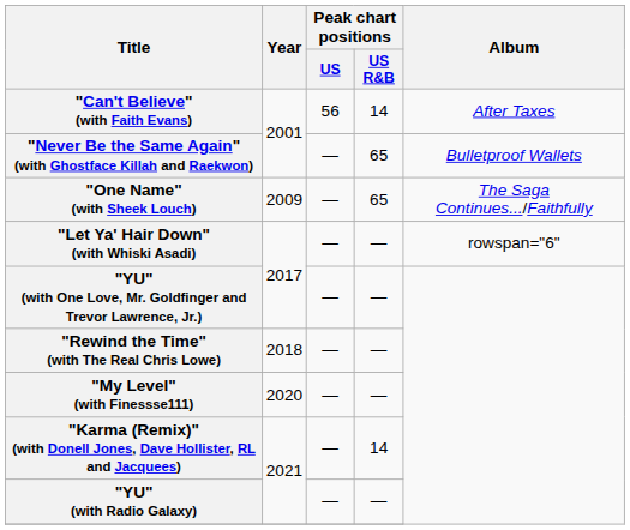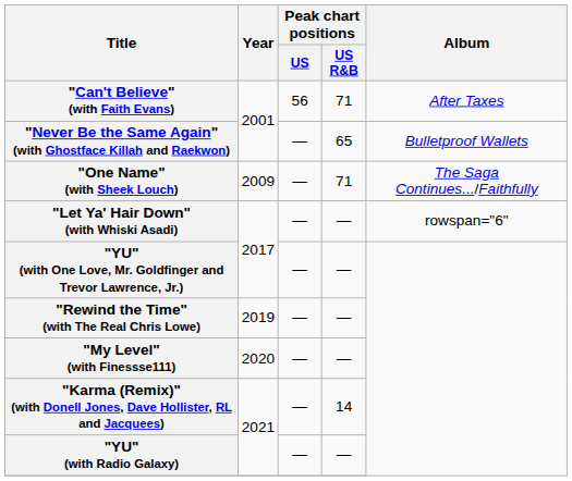 <table class="wikitable plainrowheaders" style="text-align:center;" border="1">
 <tr>
 <th scope="col" rowspan="2" style="width:18em;">Title</th>
 <th scope="col" rowspan="2">Year</th>
 <th scope="col" colspan="2">Peak chart positions</th>
 <th scope="col" rowspan="2" style="width:14em;">Album</th>
 </tr>
 <tr>
 <th scope="col" style="width:3em;font-size:90%;"><a href='#'>US</a><br></th>
 <th scope="col" style="width:3em;font-size:90%;"><a href='#'>US<br>R&B</a><br></th>
 </tr>
 <tr>
 <th scope="row">"<a href='#'>Can't Believe</a>" <br><small>(with <a href='#'>Faith Evans</a>)</small></th>
 <td rowspan="2">2001</td>
 <td>56</td>
-<td>14</td>
+<td>71</td>
 <td style="text-align:center;"><em><a href='#'>After Taxes</a></em></td>
 </tr>
 <tr>
 <th scope="row">"<a href='#'>Never Be the Same Again</a>" <br><small>(with <a href='#'>Ghostface Killah</a> and <a href='#'>Raekwon</a>)</small></th>
 <td>—</td>
 <td>65</td>
 <td style="text-align:center;"><em><a href='#'>Bulletproof Wallets</a></em></td>
 </tr>
 <tr>
 <th scope="row">"One Name" <br><small>(with <a href='#'>Sheek Louch</a>)</small></th>
 <td>2009</td>
 <td>—</td>
-<td>65</td>
+<td>71</td>
 <td style="text-align:center;"><em><a href='#'>The Saga Continues...</a></em>/<em><a href='#'>Faithfully</a></em></td>
 </tr>
 <tr>
 <th scope="row">"Let Ya' Hair Down" <br><small>(with Whiski Asadi)</small></th>
 <td rowspan="2">2017</td>
 <td>—</td>
 <td>—</td>
 <td>rowspan="6" </td>
 </tr>
 <tr>
 <th scope="row">"YU" <br><small>(with One Love, Mr. Goldfinger and Trevor Lawrence, Jr.)</small></th>
 <td>—</td>
 <td>—</td>
 </tr>
 <tr>
 <th scope="row">"Rewind the Time" <br><small>(with The Real Chris Lowe)</small></th>
-<td>2018</td>
+<td>2019</td>
 <td>—</td>
 <td>—</td>
 </tr>
 <tr>
 <th scope="row">"My Level" <br><small>(with Finessse111)</small></th>
 <td>2020</td>
 <td>—</td>
 <td>—</td>
 </tr>
 <tr>
 <th scope="row">"Karma (Remix)" <br><small>(with <a href='#'>Donell Jones</a>, <a href='#'>Dave Hollister</a>, <a href='#'>RL</a> and <a href='#'>Jacquees</a>)</small></th>
 <td rowspan="2">2021</td>
 <td>—</td>
 <td>14</td>
 </tr>
 <tr>
 <th scope="row">"YU"  <br><small>(with Radio Galaxy)</small></th>
 <td>—</td>
 <td>—</td>
 </tr>
 <tr>
 </tr>
 </table>
